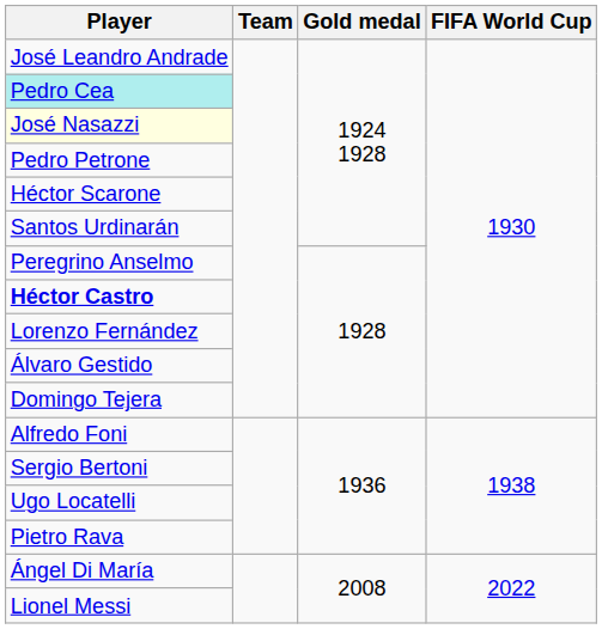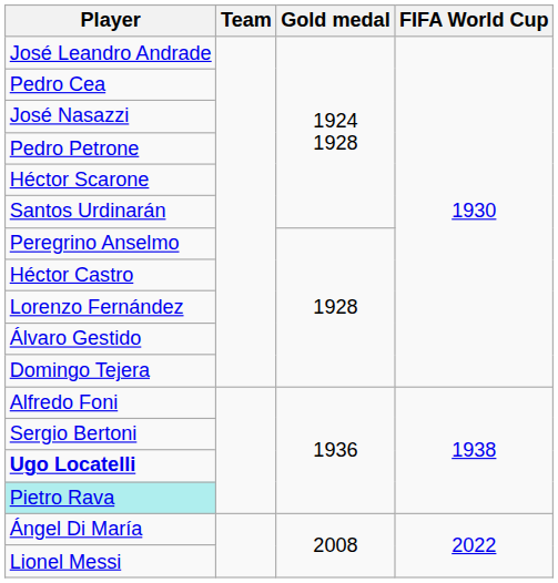 <table class="wikitable sortable">
 <tr>
 <th>Player</th>
 <th>Team</th>
 <th>Gold medal</th>
 <th>FIFA World Cup</th>
 </tr>
 <tr>
 <td><a href='#'>José Leandro Andrade</a></td>
 <td rowspan=11></td>
 <td align=center rowspan=6>1924<br>1928</td>
 <td align=center rowspan=11><a href='#'>1930</a></td>
 </tr>
 <tr>
-<td style="background: paleturquoise;"><a href='#'>Pedro Cea</a></td>
+<td><a href='#'>Pedro Cea</a></td>
 </tr>
 <tr>
-<td style="background: lightyellow;"><a href='#'>José Nasazzi</a></td>
+<td><a href='#'>José Nasazzi</a></td>
 </tr>
 <tr>
 <td><a href='#'>Pedro Petrone</a></td>
 </tr>
 <tr>
 <td><a href='#'>Héctor Scarone</a></td>
 </tr>
 <tr>
 <td><a href='#'>Santos Urdinarán</a></td>
 </tr>
 <tr>
 <td><a href='#'>Peregrino Anselmo</a></td>
 <td align=center rowspan=5>1928</td>
 </tr>
 <tr>
-<td><strong><a href='#'>Héctor Castro</a></strong></td>
+<td><a href='#'>Héctor Castro</a></td>
 </tr>
 <tr>
 <td><a href='#'>Lorenzo Fernández</a></td>
 </tr>
 <tr>
 <td><a href='#'>Álvaro Gestido</a></td>
 </tr>
 <tr>
 <td><a href='#'>Domingo Tejera</a></td>
 </tr>
 <tr>
 <td><a href='#'>Alfredo Foni</a></td>
 <td rowspan=4></td>
 <td align=center rowspan=4>1936</td>
 <td align=center rowspan=4><a href='#'>1938</a></td>
 </tr>
 <tr>
 <td><a href='#'>Sergio Bertoni</a></td>
 </tr>
 <tr>
-<td><a href='#'>Ugo Locatelli</a></td>
+<td><strong><a href='#'>Ugo Locatelli</a></strong></td>
 </tr>
 <tr>
-<td><a href='#'>Pietro Rava</a></td>
+<td style="background: paleturquoise;"><a href='#'>Pietro Rava</a></td>
 </tr>
 <tr>
 <td><a href='#'>Ángel Di María</a></td>
 <td rowspan=2></td>
 <td align=center rowspan=2>2008</td>
 <td align=center rowspan=2><a href='#'>2022</a></td>
 </tr>
 <tr>
 <td><a href='#'>Lionel Messi</a></td>
 </tr>
 </table>
